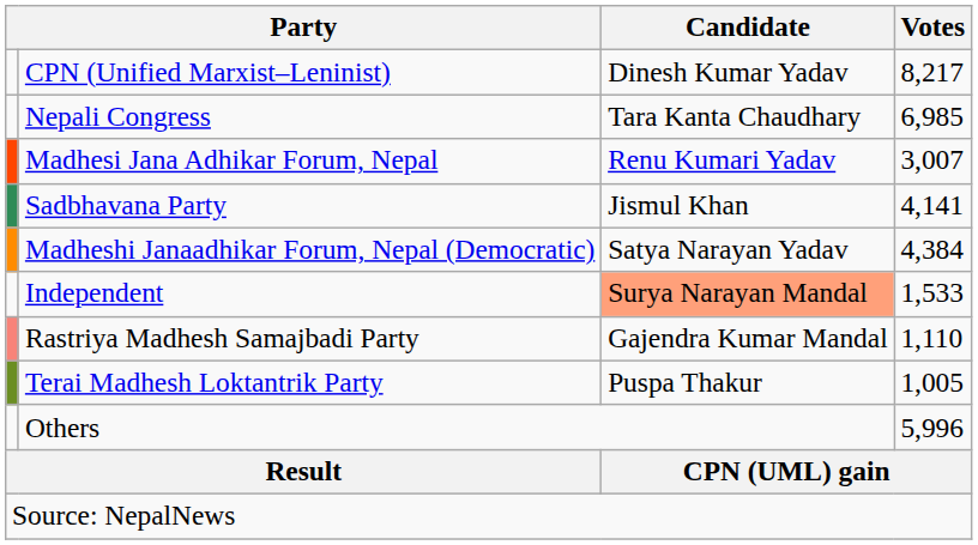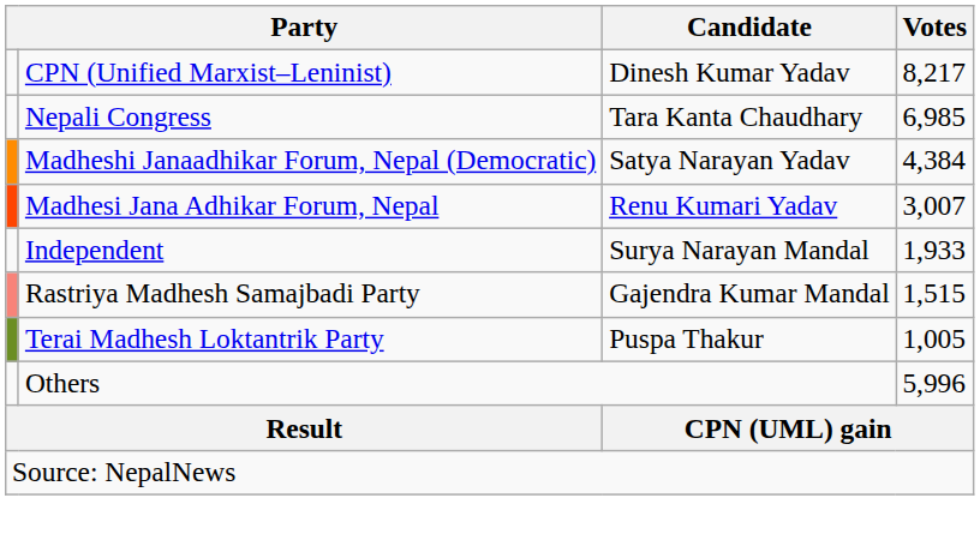 <table class="wikitable">
 <tr>
 <th colspan="2">Party</th>
 <th>Candidate</th>
 <th>Votes</th>
 </tr>
 <tr>
 <td style="background-color:"></td>
 <td><a href='#'>CPN (Unified Marxist–Leninist)</a></td>
 <td>Dinesh Kumar Yadav</td>
 <td>8,217</td>
 </tr>
 <tr>
 <td style="background-color:"></td>
 <td><a href='#'>Nepali Congress</a></td>
 <td>Tara Kanta Chaudhary</td>
 <td>6,985</td>
 </tr>
 <tr>
+<td style="background-color:darkorange"></td>
+<td><a href='#'>Madheshi Janaadhikar Forum, Nepal (Democratic)</a></td>
+<td>Satya Narayan Yadav</td>
+<td>4,384</td>
+</tr>
+<tr>
 <td style="background-color:orangered"></td>
 <td><a href='#'>Madhesi Jana Adhikar Forum, Nepal</a></td>
 <td><a href='#'>Renu Kumari Yadav</a></td>
 <td>3,007</td>
 </tr>
 <tr>
-<td style="background-color:seagreen"></td>
-<td><a href='#'>Sadbhavana Party</a></td>
-<td>Jismul Khan</td>
-<td>4,141</td>
-</tr>
-<tr>
-<td style="background-color:darkorange"></td>
-<td><a href='#'>Madheshi Janaadhikar Forum, Nepal (Democratic)</a></td>
-<td>Satya Narayan Yadav</td>
-<td>4,384</td>
-</tr>
-<tr>
 <td style="background-color:"></td>
 <td><a href='#'>Independent</a></td>
-<td style="background: lightsalmon;">Surya Narayan Mandal</td>
-<td>1,533</td>
+<td>Surya Narayan Mandal</td>
+<td>1,933</td>
 </tr>
 <tr>
 <td style="background-color:#F88379"></td>
 <td>Rastriya Madhesh Samajbadi Party</td>
 <td>Gajendra Kumar Mandal</td>
-<td>1,110</td>
+<td>1,515</td>
 </tr>
 <tr>
 <td style="background-color:olivedrab"></td>
 <td><a href='#'>Terai Madhesh Loktantrik Party</a></td>
 <td>Puspa Thakur</td>
 <td>1,005</td>
 </tr>
 <tr>
 <td></td>
 <td colspan="2">Others</td>
 <td>5,996</td>
 </tr>
 <tr>
 <th colspan="2">Result</th>
 <th colspan="2">CPN (UML) gain</th>
 </tr>
 <tr>
 <td colspan="4">Source: NepalNews</td>
 </tr>
 </table>
